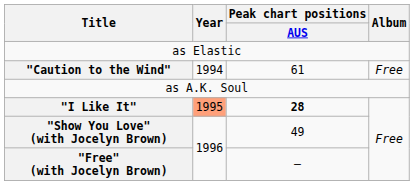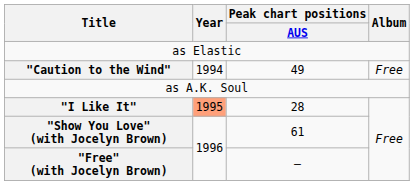 <table class="wikitable plainrowheaders" style="text-align: center;" border="1">
 <tr>
 <th scope="col" rowspan="2" style="width:16em;">Title</th>
 <th scope="col" rowspan="2" style="width:1em;">Year</th>
 <th scope="col" colspan="1">Peak chart positions</th>
 <th scope="col" rowspan="2">Album</th>
 </tr>
 <tr>
 <th scope="col" style="text-align:center;"><a href='#'>AUS</a><br></th>
 </tr>
 <tr>
 <td colspan="4">as Elastic</td>
 </tr>
 <tr>
 <th scope="row">"Caution to the Wind"</th>
 <td>1994</td>
-<td>61</td>
+<td>49</td>
 <td><em>Free</em></td>
 </tr>
 <tr>
 <td colspan="4">as A.K. Soul</td>
 </tr>
 <tr>
 <th scope="row">"I Like It"</th>
 <td style="background: lightsalmon;">1995</td>
-<td><strong>28</strong></td>
+<td>28</td>
 <td rowspan="3"><em>Free</em></td>
 </tr>
 <tr>
 <th scope="row">"Show You Love" <br> (with Jocelyn Brown)</th>
 <td rowspan="2">1996</td>
-<td>49</td>
+<td>61</td>
 </tr>
 <tr>
 <th scope="row">"Free" <br> (with Jocelyn Brown)</th>
 <td>—</td>
 </tr>
 </table>
